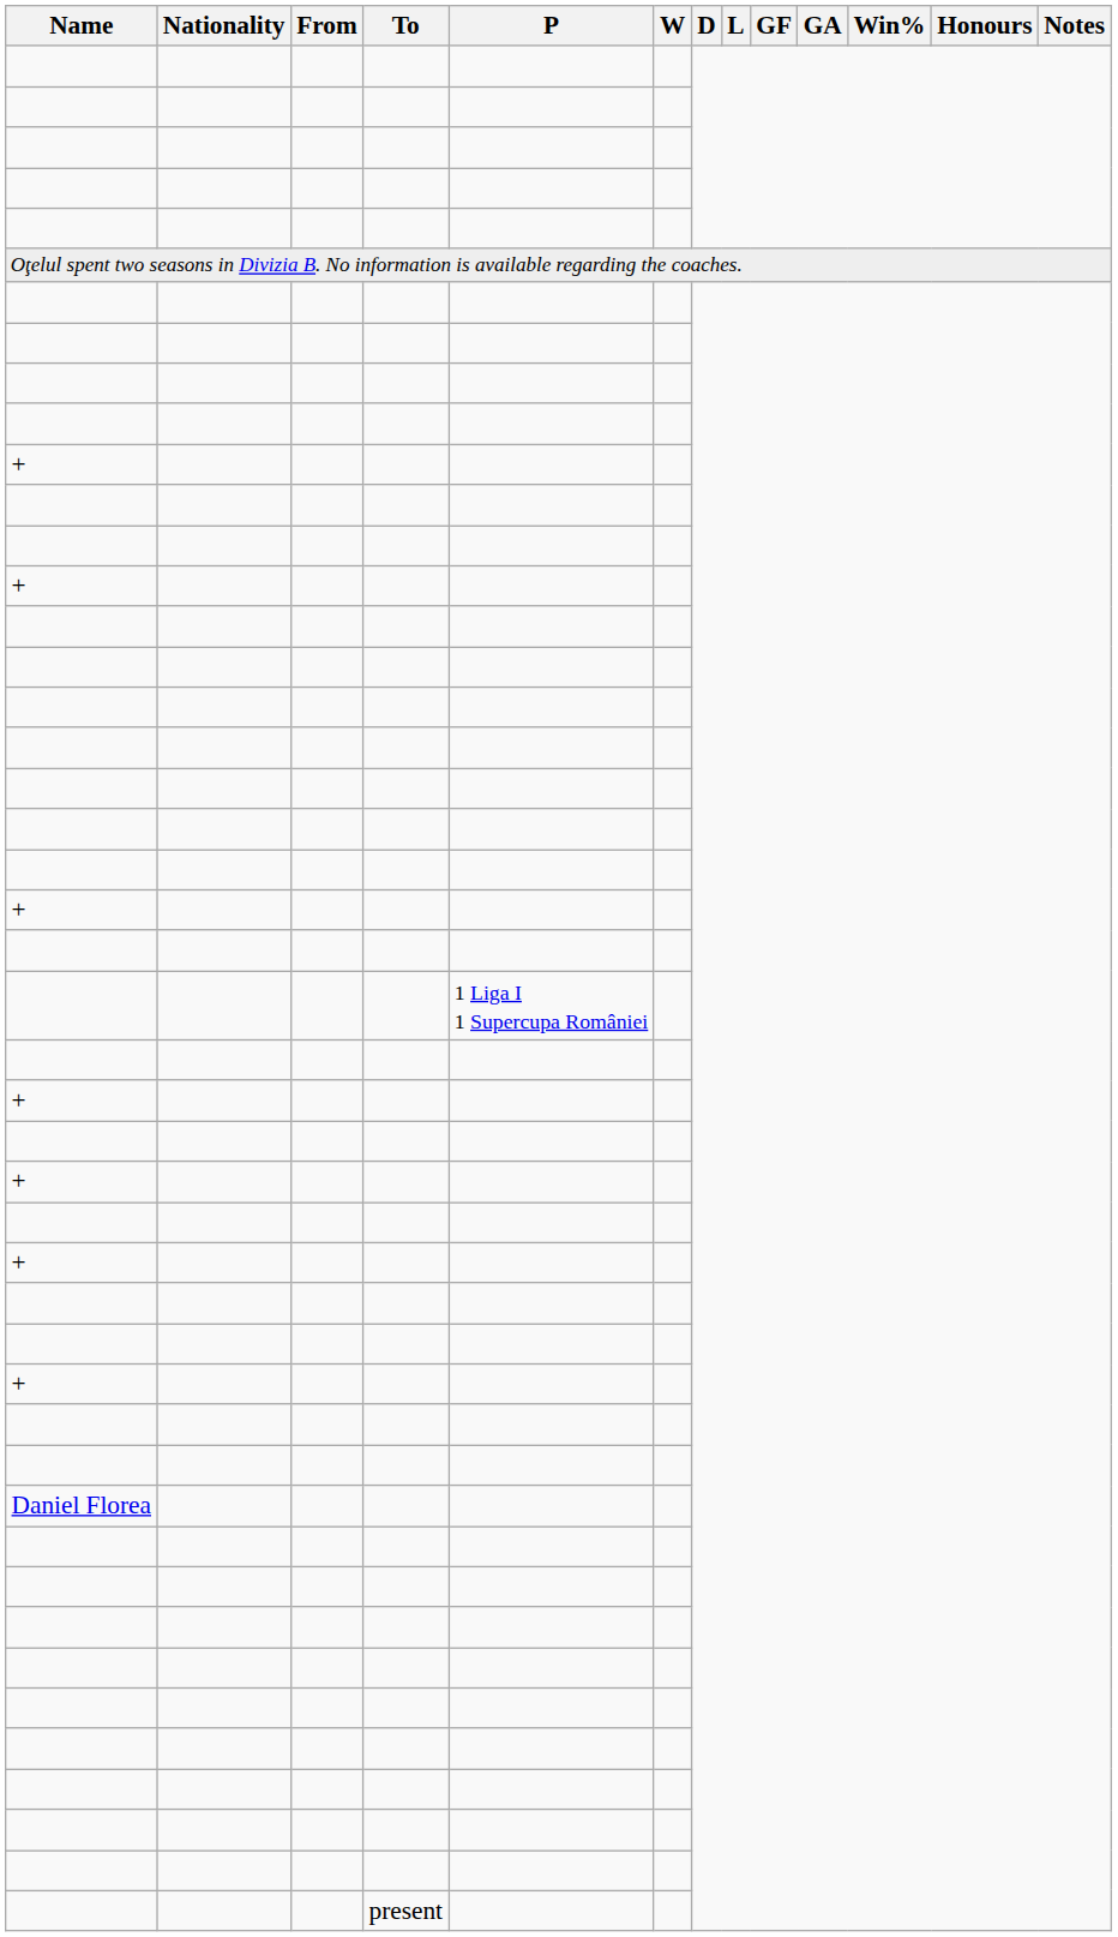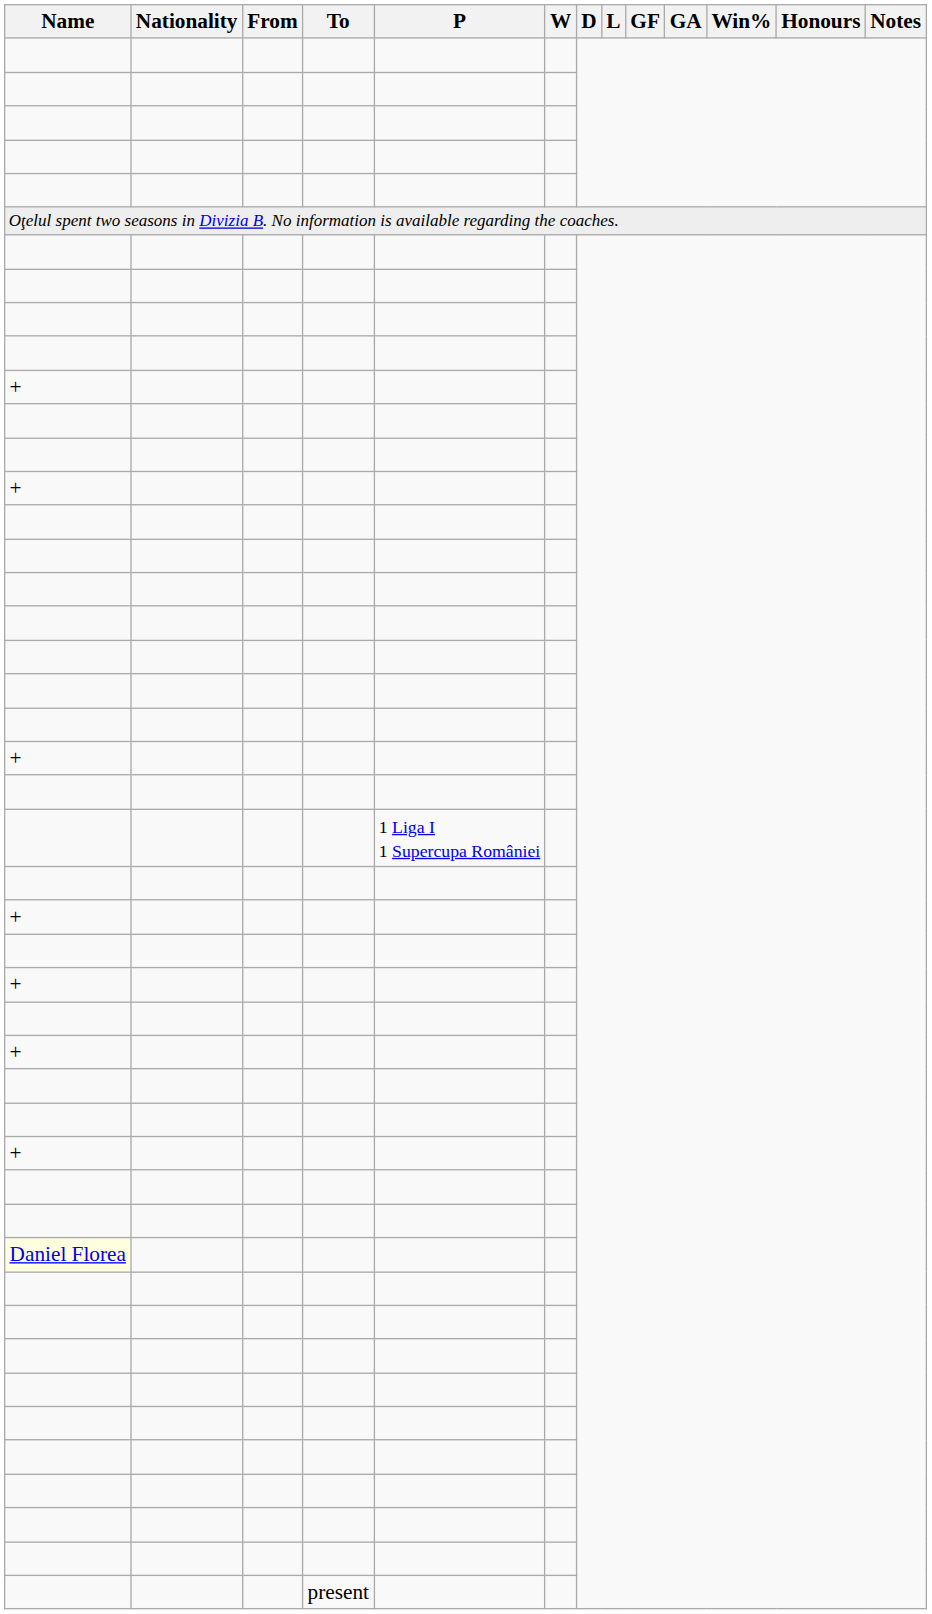 <table class="wikitable sortable">
 <tr>
 <th>Name</th>
 <th>Nationality</th>
 <th>From</th>
 <th>To</th>
 <th>P</th>
 <th>W</th>
 <th>D</th>
 <th>L</th>
 <th>GF</th>
 <th>GA</th>
 <th>Win%</th>
 <th class="unsortable">Honours</th>
 <th class="unsortable">Notes</th>
 </tr>
 <tr>
 <td align=left></td>
 <td></td>
 <td align=left></td>
 <td align=left><br></td>
 <td></td>
 <td></td>
 </tr>
 <tr>
 <td align=left></td>
 <td></td>
 <td align=left></td>
 <td align=left><br></td>
 <td></td>
 <td></td>
 </tr>
 <tr>
 <td align=left></td>
 <td></td>
 <td align=left></td>
 <td align=left><br></td>
 <td></td>
 <td></td>
 </tr>
 <tr>
 <td align=left></td>
 <td></td>
 <td align=left></td>
 <td align=left><br></td>
 <td></td>
 <td></td>
 </tr>
 <tr>
 <td align=left></td>
 <td></td>
 <td align=left></td>
 <td align=left><br></td>
 <td></td>
 <td></td>
 </tr>
 <tr>
 <td colspan=14 style="background-color: #EEE; font-size: 80%"><em>Oţelul spent two seasons in <a href='#'>Divizia B</a>. No information is available regarding the coaches.</em></td>
 </tr>
 <tr>
 <td align=left></td>
 <td></td>
 <td align=left></td>
 <td align=left><br></td>
 <td></td>
 <td></td>
 </tr>
 <tr>
 <td align=left></td>
 <td></td>
 <td align=left></td>
 <td align=left><br></td>
 <td></td>
 <td></td>
 </tr>
 <tr>
 <td align=left></td>
 <td></td>
 <td align=left></td>
 <td align=left><br></td>
 <td></td>
 <td></td>
 </tr>
 <tr>
 <td align=left></td>
 <td></td>
 <td align=left></td>
 <td align=left><br></td>
 <td></td>
 <td></td>
 </tr>
 <tr>
 <td align=left>+</td>
 <td></td>
 <td align=left></td>
 <td align=left><br></td>
 <td></td>
 <td></td>
 </tr>
 <tr>
 <td align=left></td>
 <td></td>
 <td align=left></td>
 <td align=left><br></td>
 <td></td>
 <td></td>
 </tr>
 <tr>
 <td align=left></td>
 <td></td>
 <td align=left></td>
 <td align=left><br></td>
 <td></td>
 <td></td>
 </tr>
 <tr>
 <td align=left>+</td>
 <td></td>
 <td align=left></td>
 <td align=left><br></td>
 <td></td>
 <td></td>
 </tr>
 <tr>
 <td align=left></td>
 <td></td>
 <td align=left></td>
 <td align=left><br></td>
 <td></td>
 <td></td>
 </tr>
 <tr>
 <td align=left></td>
 <td></td>
 <td align=left></td>
 <td align=left><br></td>
 <td></td>
 <td></td>
 </tr>
 <tr>
 <td align=left></td>
 <td></td>
 <td align=left></td>
 <td align=left><br></td>
 <td></td>
 <td></td>
 </tr>
 <tr>
 <td align=left></td>
 <td></td>
 <td align=left></td>
 <td align=left><br></td>
 <td></td>
 <td></td>
 </tr>
 <tr>
 <td align=left></td>
 <td></td>
 <td align=left></td>
 <td align=left><br></td>
 <td></td>
 <td></td>
 </tr>
 <tr>
 <td align=left></td>
 <td></td>
 <td align=left></td>
 <td align=left><br></td>
 <td></td>
 <td></td>
 </tr>
 <tr>
 <td align=left></td>
 <td></td>
 <td align=left></td>
 <td align=left><br></td>
 <td></td>
 <td></td>
 </tr>
 <tr>
 <td align=left>+</td>
 <td></td>
 <td align=left></td>
 <td align=left><br></td>
 <td></td>
 <td></td>
 </tr>
 <tr>
 <td align=left></td>
 <td></td>
 <td align=left></td>
 <td align=left><br></td>
 <td></td>
 <td></td>
 </tr>
 <tr>
 <td align=left></td>
 <td></td>
 <td align=left></td>
 <td align=left><br></td>
 <td><small>1 <a href='#'>Liga I</a><br>1 <a href='#'>Supercupa României</a></small></td>
 <td><br></td>
 </tr>
 <tr>
 <td align=left></td>
 <td></td>
 <td align=left></td>
 <td align=left><br></td>
 <td></td>
 <td></td>
 </tr>
 <tr>
 <td align=left>+</td>
 <td></td>
 <td align=left></td>
 <td align=left><br></td>
 <td></td>
 <td></td>
 </tr>
 <tr>
 <td align=left></td>
 <td></td>
 <td align=left></td>
 <td align=left><br></td>
 <td></td>
 <td></td>
 </tr>
 <tr>
 <td align=left>+</td>
 <td></td>
 <td align=left></td>
 <td align=left><br></td>
 <td></td>
 <td></td>
 </tr>
 <tr>
 <td align=left></td>
 <td></td>
 <td align=left></td>
 <td align=left><br></td>
 <td></td>
 <td></td>
 </tr>
 <tr>
 <td align=left>+</td>
 <td></td>
 <td align=left></td>
 <td align=left><br></td>
 <td></td>
 <td></td>
 </tr>
 <tr>
 <td align=left></td>
 <td></td>
 <td align=left></td>
 <td align=left><br></td>
 <td></td>
 <td></td>
 </tr>
 <tr>
 <td align=left></td>
 <td></td>
 <td align=left></td>
 <td align=left><br></td>
 <td></td>
 <td></td>
 </tr>
 <tr>
 <td align=left>+</td>
 <td></td>
 <td align=left></td>
 <td align=left><br></td>
 <td></td>
 <td></td>
 </tr>
 <tr>
 <td align=left></td>
 <td></td>
 <td align=left></td>
 <td align=left><br></td>
 <td></td>
 <td></td>
 </tr>
 <tr>
 <td align=left></td>
 <td></td>
 <td align=left></td>
 <td align=left><br></td>
 <td></td>
 <td></td>
 </tr>
 <tr>
-<td align=left><a href='#'>Daniel Florea</a></td>
+<td align=left style="background: lightyellow;"><a href='#'>Daniel Florea</a></td>
 <td></td>
 <td align=left></td>
 <td align=left><br></td>
 <td></td>
 <td></td>
 </tr>
 <tr>
 <td align=left></td>
 <td></td>
 <td align=left></td>
 <td align=left><br></td>
 <td></td>
 <td></td>
 </tr>
 <tr>
 <td align=left></td>
 <td></td>
 <td align=left></td>
 <td align=left><br></td>
 <td></td>
 <td></td>
 </tr>
 <tr>
 <td align=left></td>
 <td></td>
 <td align=left></td>
 <td align=left><br></td>
 <td></td>
 <td></td>
 </tr>
 <tr>
 <td align=left></td>
 <td></td>
 <td align=left></td>
 <td align=left><br></td>
 <td></td>
 <td></td>
 </tr>
 <tr>
 <td align=left></td>
 <td></td>
 <td align=left></td>
 <td align=left><br></td>
 <td></td>
 <td></td>
 </tr>
 <tr>
 <td align=left></td>
 <td></td>
 <td align=left></td>
 <td align=left><br></td>
 <td></td>
 <td></td>
 </tr>
 <tr>
 <td align=left></td>
 <td></td>
 <td align=left></td>
 <td align=left><br></td>
 <td></td>
 <td></td>
 </tr>
 <tr>
 <td align=left></td>
 <td></td>
 <td align=left></td>
 <td align=left><br></td>
 <td></td>
 <td></td>
 </tr>
 <tr>
 <td align=left></td>
 <td></td>
 <td align=left></td>
 <td align=left><br></td>
 <td></td>
 <td></td>
 </tr>
 <tr>
 <td align=left></td>
 <td></td>
 <td align=left></td>
 <td align=left>present<br></td>
 <td></td>
 <td></td>
 </tr>
 </table>
